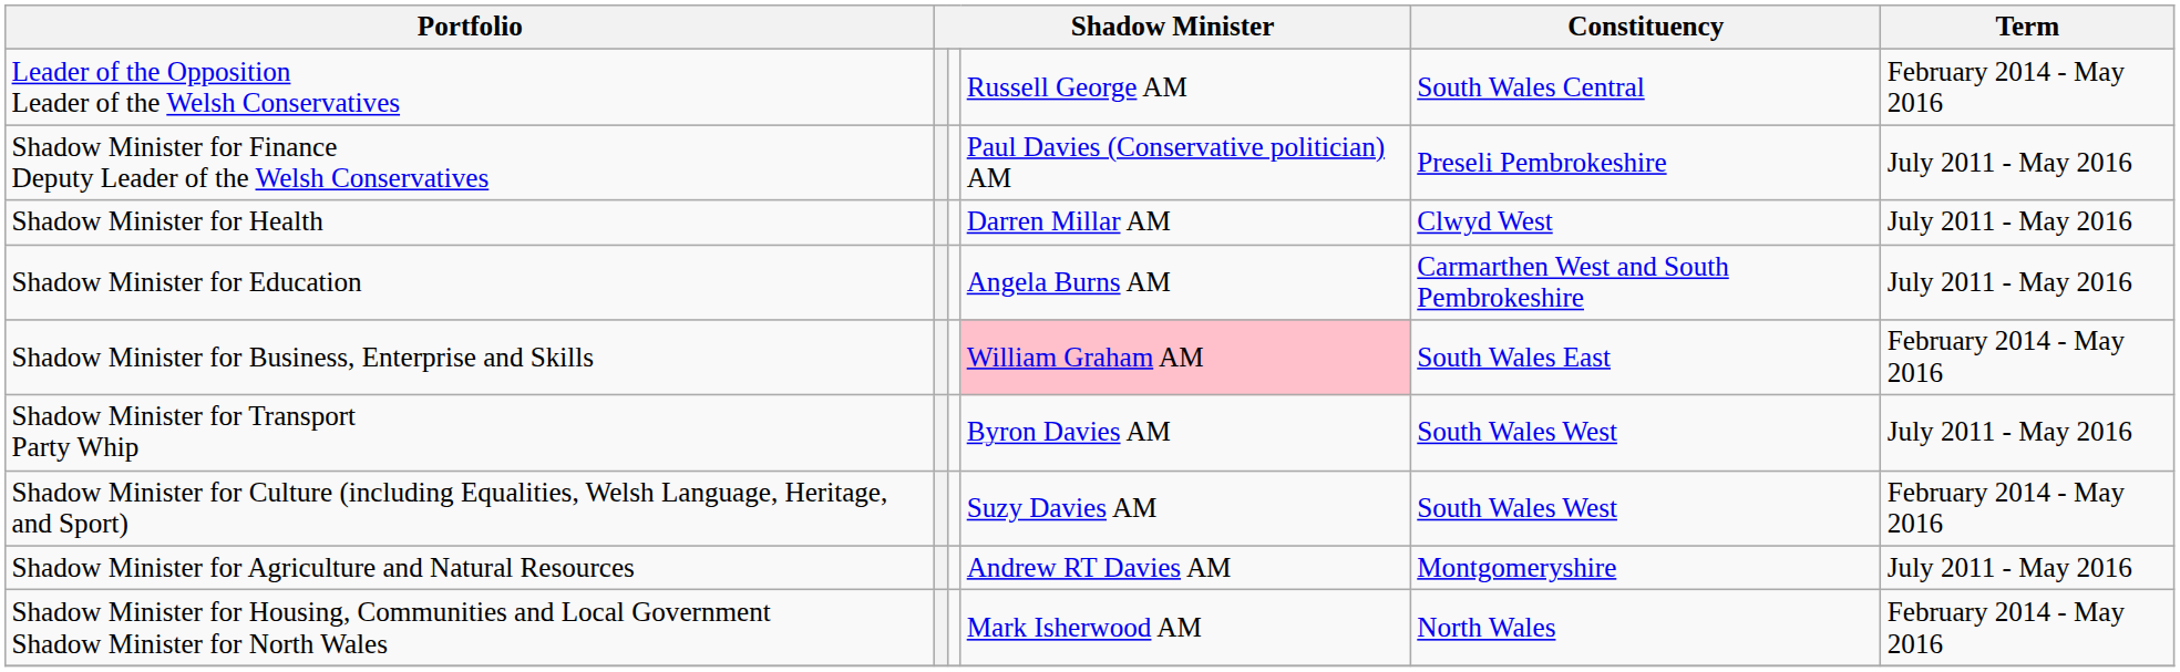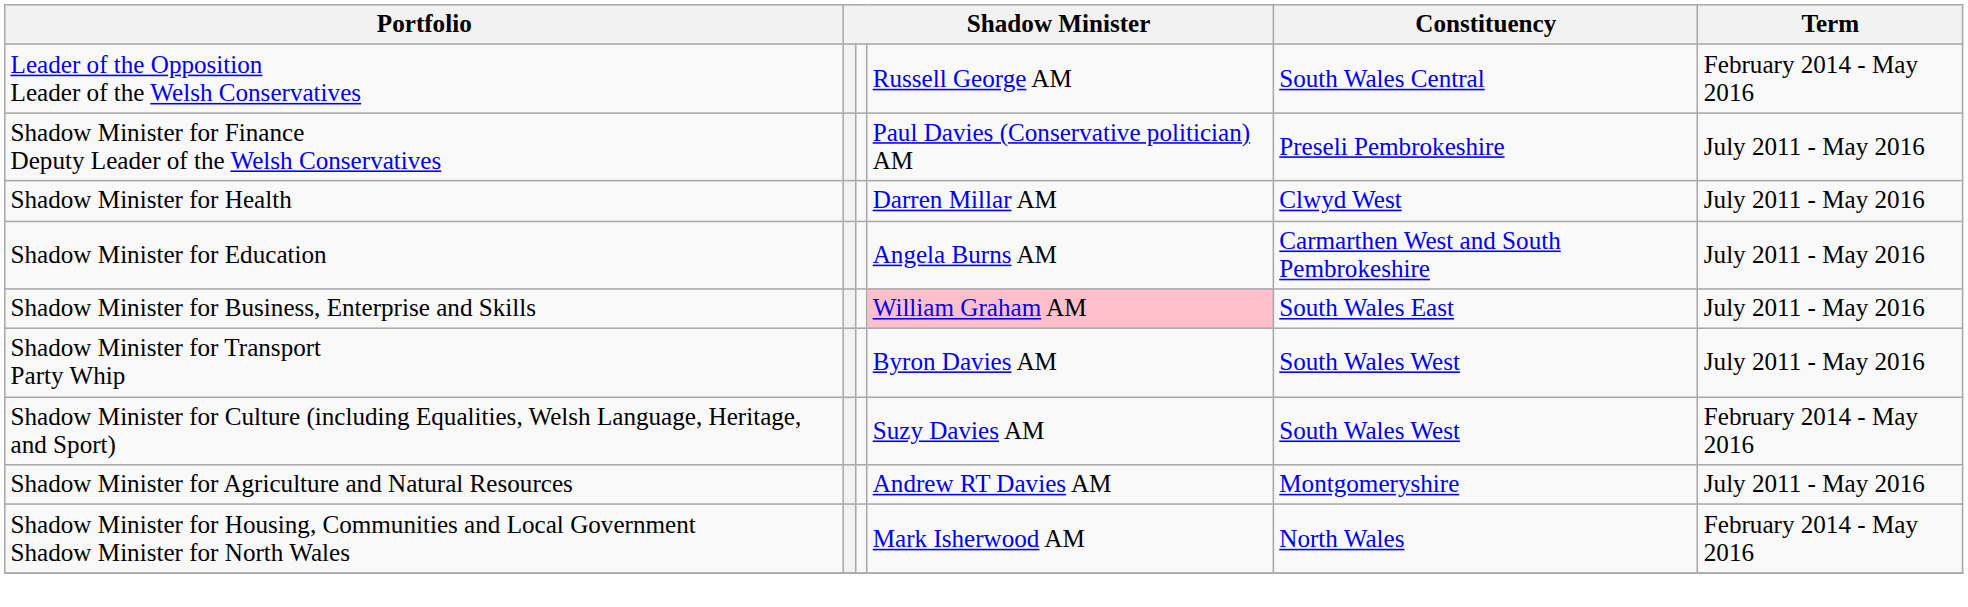 <table class="wikitable">
 <tr>
 <th colspan="1">Portfolio</th>
 <th colspan="3">Shadow Minister</th>
 <th colspan="1">Constituency</th>
 <th colspan="1">Term</th>
 </tr>
 <tr>
 <td><a href='#'>Leader of the Opposition</a> <br> Leader of the <a href='#'>Welsh Conservatives</a></td>
 <th style="background: "></th>
 <td></td>
 <td><a href='#'>Russell George</a> AM</td>
 <td><a href='#'>South Wales Central</a></td>
 <td>February 2014 - May 2016</td>
 </tr>
 <tr>
 <td>Shadow Minister for Finance<br>Deputy Leader of the <a href='#'>Welsh Conservatives</a></td>
 <th style="background: "></th>
 <td></td>
 <td><a href='#'>Paul Davies (Conservative politician)</a> AM</td>
 <td><a href='#'>Preseli Pembrokeshire</a></td>
 <td>July 2011 - May 2016</td>
 </tr>
 <tr>
 <td>Shadow Minister for Health</td>
 <th style="background: "></th>
 <td></td>
 <td><a href='#'>Darren Millar</a> AM</td>
 <td><a href='#'>Clwyd West</a></td>
 <td>July 2011 - May 2016</td>
 </tr>
 <tr>
 <td>Shadow Minister for Education</td>
 <th style="background: "></th>
 <td></td>
 <td><a href='#'>Angela Burns</a> AM</td>
 <td><a href='#'>Carmarthen West and South Pembrokeshire</a></td>
 <td>July 2011 - May 2016</td>
 </tr>
 <tr>
 <td>Shadow Minister for Business, Enterprise and Skills</td>
 <th style="background: "></th>
 <td></td>
 <td style="background: pink;"><a href='#'>William Graham</a> AM</td>
 <td><a href='#'>South Wales East</a></td>
-<td>February 2014 - May 2016</td>
+<td>July 2011 - May 2016</td>
 </tr>
 <tr>
 <td>Shadow Minister for Transport <br> Party Whip</td>
 <th style="background: "></th>
 <td></td>
 <td><a href='#'>Byron Davies</a> AM</td>
 <td><a href='#'>South Wales West</a></td>
 <td>July 2011 - May 2016</td>
 </tr>
 <tr>
 <td>Shadow Minister for Culture (including Equalities, Welsh Language, Heritage, and Sport)</td>
 <th style="background: "></th>
 <td></td>
 <td><a href='#'>Suzy Davies</a> AM</td>
 <td><a href='#'>South Wales West</a></td>
 <td>February 2014 - May 2016</td>
 </tr>
 <tr>
 <td>Shadow Minister for Agriculture and Natural Resources</td>
 <th style="background: "></th>
 <td></td>
 <td><a href='#'>Andrew RT Davies</a> AM</td>
 <td><a href='#'>Montgomeryshire</a></td>
 <td>July 2011 - May 2016</td>
 </tr>
 <tr>
 <td>Shadow Minister for Housing, Communities and Local Government <br> Shadow Minister for North Wales</td>
 <th style="background: "></th>
 <td></td>
 <td><a href='#'>Mark Isherwood</a> AM</td>
 <td><a href='#'>North Wales</a></td>
 <td>February 2014 - May 2016</td>
 </tr>
 <tr>
 </tr>
 </table>
